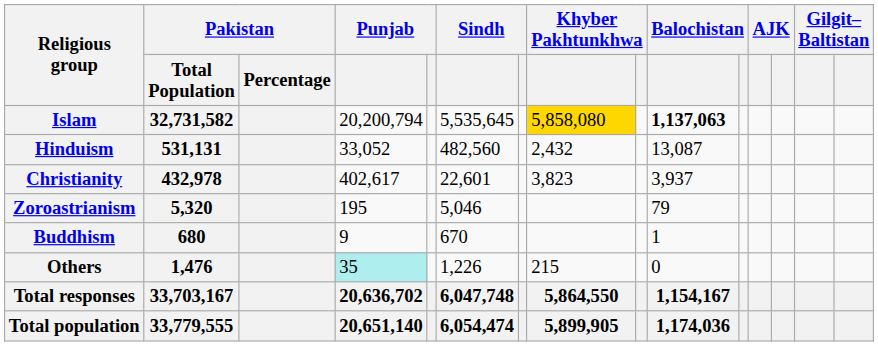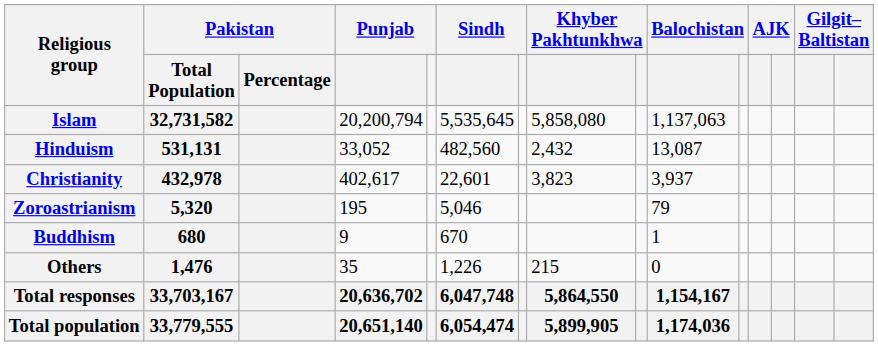 <table class="wikitable sortable">
 <tr>
 <th rowspan="2">Religious<br>group</th>
 <th colspan="2"><a href='#'>Pakistan</a></th>
 <th colspan="2"><a href='#'>Punjab</a></th>
 <th colspan="2"><a href='#'>Sindh</a></th>
 <th colspan="2"><a href='#'>Khyber<br>Pakhtunkhwa</a></th>
 <th colspan="2"><a href='#'>Balochistan</a></th>
 <th colspan="2"><a href='#'>AJK</a></th>
 <th colspan="2"><a href='#'>Gilgit–<br>Baltistan</a></th>
 </tr>
 <tr>
 <th>Total<br>Population</th>
 <th>Percentage</th>
 <th><a href='#'></a></th>
 <th></th>
 <th></th>
 <th></th>
 <th></th>
 <th></th>
 <th></th>
 <th></th>
 <th></th>
 <th></th>
 <th></th>
 <th></th>
 </tr>
 <tr>
 <th><a href='#'>Islam</a> </th>
 <th>32,731,582</th>
 <th></th>
 <td>20,200,794</td>
 <td></td>
 <td>5,535,645</td>
 <td></td>
-<td style="background: gold;">5,858,080</td>
+<td>5,858,080</td>
 <td></td>
-<td><strong>1,137,063</strong></td>
+<td>1,137,063</td>
 <td></td>
 <td></td>
 <td></td>
 <td></td>
 <td></td>
 </tr>
 <tr>
 <th><a href='#'>Hinduism</a> </th>
 <th>531,131</th>
 <th></th>
 <td>33,052</td>
 <td></td>
 <td>482,560</td>
 <td></td>
 <td>2,432</td>
 <td></td>
 <td>13,087</td>
 <td></td>
 <td></td>
 <td></td>
 <td></td>
 <td></td>
 </tr>
 <tr>
 <th><a href='#'>Christianity</a> </th>
 <th>432,978</th>
 <th></th>
 <td>402,617</td>
 <td></td>
 <td>22,601</td>
 <td></td>
 <td>3,823</td>
 <td></td>
 <td>3,937</td>
 <td></td>
 <td></td>
 <td></td>
 <td></td>
 <td></td>
 </tr>
 <tr>
 <th><a href='#'>Zoroastrianism</a> </th>
 <th>5,320</th>
 <th></th>
 <td>195</td>
 <td></td>
 <td>5,046</td>
 <td></td>
 <td></td>
 <td></td>
 <td>79</td>
 <td></td>
 <td></td>
 <td></td>
 <td></td>
 <td></td>
 </tr>
 <tr>
 <th><a href='#'>Buddhism</a> </th>
 <th>680</th>
 <th></th>
 <td>9</td>
 <td></td>
 <td>670</td>
 <td></td>
 <td></td>
 <td></td>
 <td>1</td>
 <td></td>
 <td></td>
 <td></td>
 <td></td>
 <td></td>
 </tr>
 <tr>
 <th>Others</th>
 <th>1,476</th>
 <th></th>
-<td style="background: paleturquoise;">35</td>
+<td>35</td>
 <td></td>
 <td>1,226</td>
 <td></td>
 <td>215</td>
 <td></td>
 <td>0</td>
 <td></td>
 <td></td>
 <td></td>
 <td></td>
 <td></td>
 </tr>
 <tr>
 <th>Total responses</th>
 <th>33,703,167</th>
 <th></th>
 <th>20,636,702</th>
 <th></th>
 <th>6,047,748</th>
 <th></th>
 <th>5,864,550</th>
 <th></th>
 <th>1,154,167</th>
 <th></th>
 <th></th>
 <th></th>
 <th></th>
 <th></th>
 </tr>
 <tr>
 <th>Total population</th>
 <th>33,779,555</th>
 <th></th>
 <th>20,651,140</th>
 <th></th>
 <th>6,054,474</th>
 <th></th>
 <th>5,899,905</th>
 <th></th>
 <th>1,174,036</th>
 <th></th>
 <th></th>
 <th></th>
 <th></th>
 <th></th>
 </tr>
 </table>
